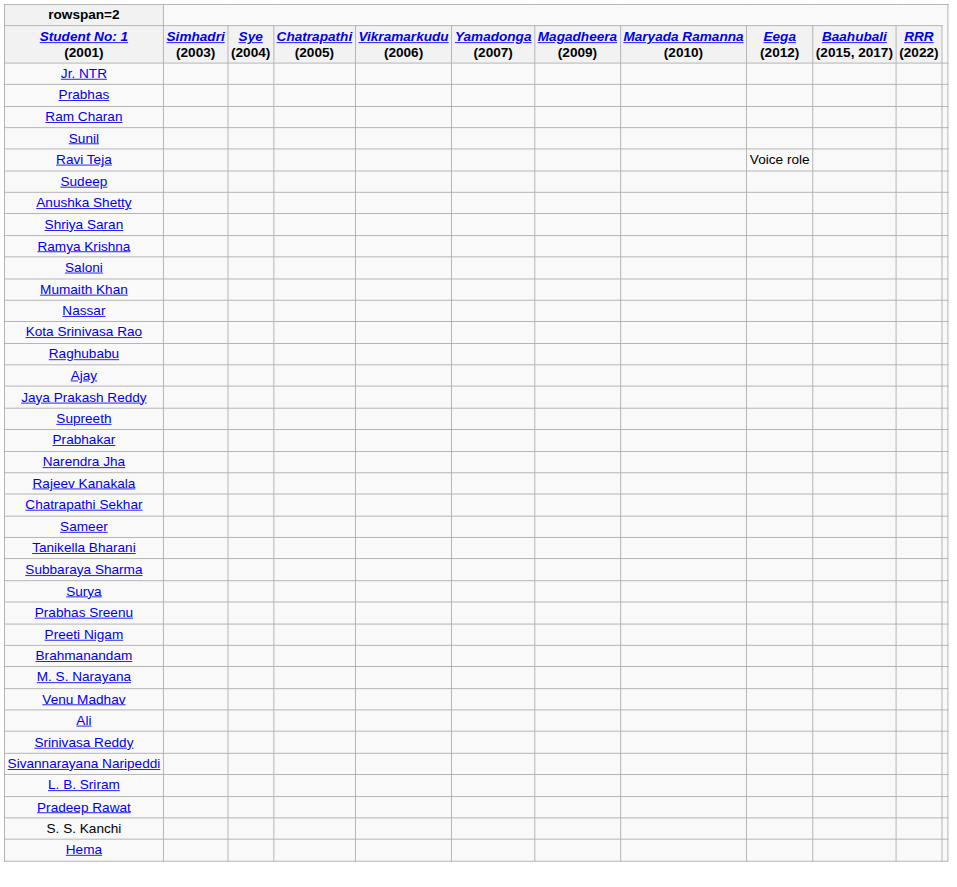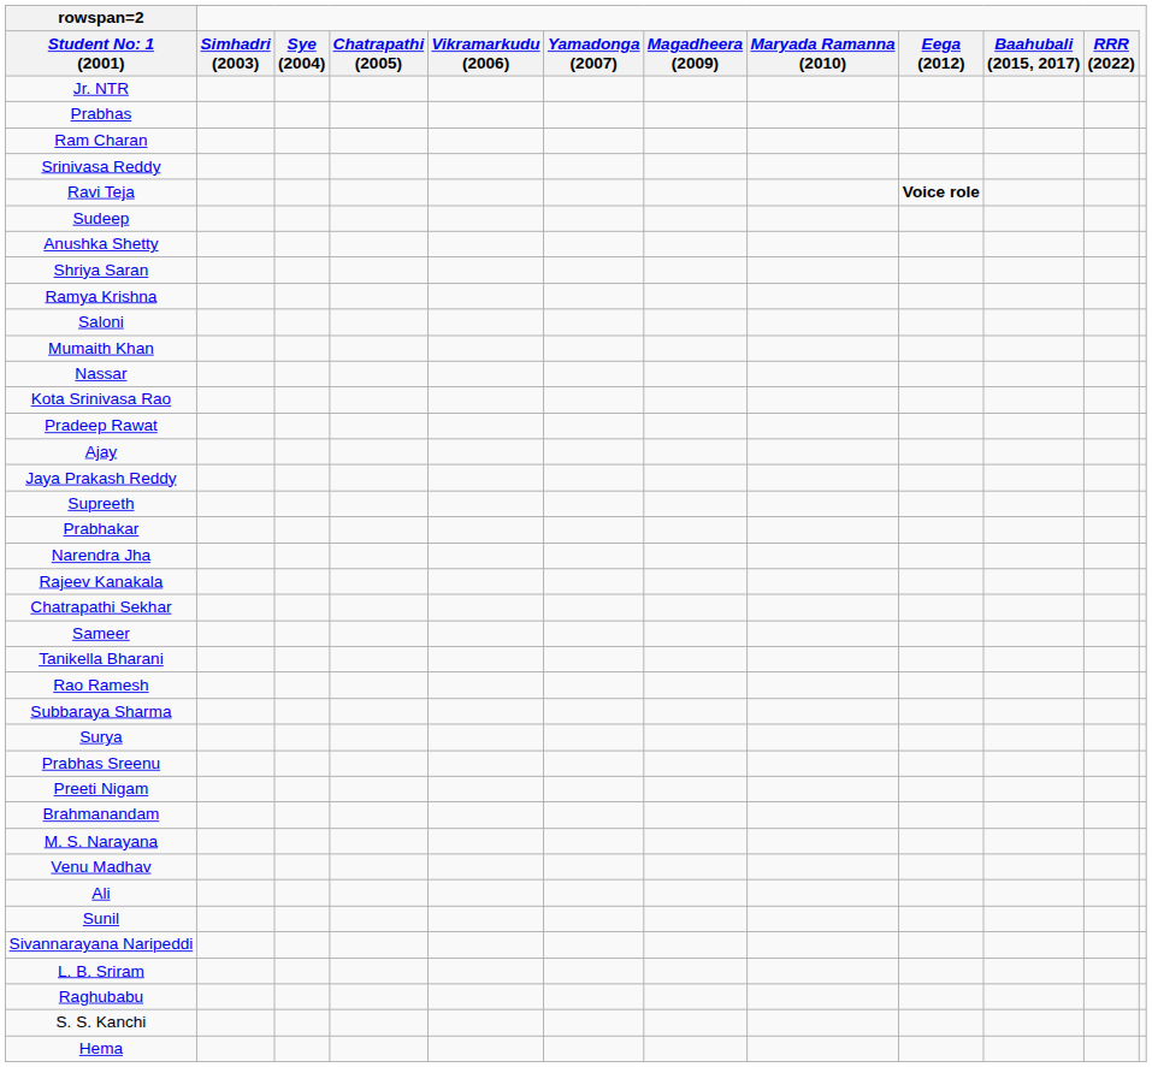 <table class="wikitable sortable mw-collapsible" style="text-align:center;">
 <tr>
 <th>rowspan=2 </th>
 </tr>
 <tr>
 <th><em><a href='#'>Student No: 1</a></em><br>(2001)</th>
 <th><a href='#'><em>Simhadri</em></a><br>(2003)</th>
 <th><a href='#'><em>Sye</em></a><br>(2004)</th>
 <th><a href='#'><em>Chatrapathi</em></a><br>(2005)</th>
 <th><em><a href='#'>Vikramarkudu</a></em><br>(2006)</th>
 <th><em><a href='#'>Yamadonga</a></em><br>(2007)</th>
 <th><em><a href='#'>Magadheera</a></em><br>(2009)</th>
 <th><em><a href='#'>Maryada Ramanna</a></em><br>(2010)</th>
 <th><em><a href='#'>Eega</a></em><br>(2012)</th>
 <th><a href='#'><em>Baahubali</em></a><br>(2015, 2017)</th>
 <th><a href='#'><em>RRR</em></a><br>(2022)</th>
 </tr>
 <tr>
 <td><a href='#'>Jr. NTR</a></td>
 <td></td>
 <td></td>
 <td></td>
 <td></td>
 <td></td>
 <td></td>
 <td></td>
 <td></td>
 <td></td>
 <td></td>
 <td></td>
 </tr>
 <tr>
 <td><a href='#'>Prabhas</a></td>
 <td></td>
 <td></td>
 <td></td>
 <td></td>
 <td></td>
 <td></td>
 <td></td>
 <td></td>
 <td></td>
 <td></td>
 <td></td>
 </tr>
 <tr>
 <td><a href='#'>Ram Charan</a></td>
 <td></td>
 <td></td>
 <td></td>
 <td></td>
 <td></td>
 <td></td>
 <td></td>
 <td></td>
 <td></td>
 <td></td>
 <td></td>
 </tr>
 <tr>
-<td><a href='#'>Sunil</a></td>
+<td><a href='#'>Srinivasa Reddy</a></td>
 <td></td>
 <td></td>
 <td></td>
 <td></td>
 <td></td>
 <td></td>
 <td></td>
 <td></td>
 <td></td>
 <td></td>
 <td></td>
 </tr>
 <tr>
 <td><a href='#'>Ravi Teja</a></td>
 <td></td>
 <td></td>
 <td></td>
 <td></td>
 <td></td>
 <td></td>
 <td></td>
-<td>Voice role</td>
+<td><strong>Voice role</strong></td>
 <td></td>
 <td></td>
 <td></td>
 </tr>
 <tr>
 <td><a href='#'>Sudeep</a></td>
 <td></td>
 <td></td>
 <td></td>
 <td></td>
 <td></td>
 <td></td>
 <td></td>
 <td></td>
 <td></td>
 <td></td>
 <td></td>
 </tr>
 <tr>
 <td><a href='#'>Anushka Shetty</a></td>
 <td></td>
 <td></td>
 <td></td>
 <td></td>
 <td></td>
 <td></td>
 <td></td>
 <td></td>
 <td></td>
 <td></td>
 <td></td>
 </tr>
 <tr>
 <td><a href='#'>Shriya Saran</a></td>
 <td></td>
 <td></td>
 <td></td>
 <td></td>
 <td></td>
 <td></td>
 <td></td>
 <td></td>
 <td></td>
 <td></td>
 <td></td>
 </tr>
 <tr>
 <td><a href='#'>Ramya Krishna</a></td>
 <td></td>
 <td></td>
 <td></td>
 <td></td>
 <td></td>
 <td></td>
 <td></td>
 <td></td>
 <td></td>
 <td></td>
 <td></td>
 </tr>
 <tr>
 <td><a href='#'>Saloni</a></td>
 <td></td>
 <td></td>
 <td></td>
 <td></td>
 <td></td>
 <td></td>
 <td></td>
 <td></td>
 <td></td>
 <td></td>
 <td></td>
 </tr>
 <tr>
 <td><a href='#'>Mumaith Khan</a></td>
 <td></td>
 <td></td>
 <td></td>
 <td></td>
 <td></td>
 <td></td>
 <td></td>
 <td></td>
 <td></td>
 <td></td>
 <td></td>
 </tr>
 <tr>
 <td><a href='#'>Nassar</a></td>
 <td></td>
 <td></td>
 <td></td>
 <td></td>
 <td></td>
 <td></td>
 <td></td>
 <td></td>
 <td></td>
 <td></td>
 <td></td>
 </tr>
 <tr>
 <td><a href='#'>Kota Srinivasa Rao</a></td>
 <td></td>
 <td></td>
 <td></td>
 <td></td>
 <td></td>
 <td></td>
 <td></td>
 <td></td>
 <td></td>
 <td></td>
 <td></td>
 </tr>
 <tr>
-<td><a href='#'>Raghubabu</a></td>
+<td><a href='#'>Pradeep Rawat</a></td>
 <td></td>
 <td></td>
 <td></td>
 <td></td>
 <td></td>
 <td></td>
 <td></td>
 <td></td>
 <td></td>
 <td></td>
 <td></td>
 </tr>
 <tr>
 <td><a href='#'>Ajay</a></td>
 <td></td>
 <td></td>
 <td></td>
 <td></td>
 <td></td>
 <td></td>
 <td></td>
 <td></td>
 <td></td>
 <td></td>
 <td></td>
 </tr>
 <tr>
 <td><a href='#'>Jaya Prakash Reddy</a></td>
 <td></td>
 <td></td>
 <td></td>
 <td></td>
 <td></td>
 <td></td>
 <td></td>
 <td></td>
 <td></td>
 <td></td>
 <td></td>
 </tr>
 <tr>
 <td><a href='#'>Supreeth</a></td>
 <td></td>
 <td></td>
 <td></td>
 <td></td>
 <td></td>
 <td></td>
 <td></td>
 <td></td>
 <td></td>
 <td></td>
 <td></td>
 </tr>
 <tr>
 <td><a href='#'>Prabhakar</a></td>
 <td></td>
 <td></td>
 <td></td>
 <td></td>
 <td></td>
 <td></td>
 <td></td>
 <td></td>
 <td></td>
 <td></td>
 <td></td>
 </tr>
 <tr>
 <td><a href='#'>Narendra Jha</a></td>
 <td></td>
 <td></td>
 <td></td>
 <td></td>
 <td></td>
 <td></td>
 <td></td>
 <td></td>
 <td></td>
 <td></td>
 <td></td>
 </tr>
 <tr>
 <td><a href='#'>Rajeev Kanakala</a></td>
 <td></td>
 <td></td>
 <td></td>
 <td></td>
 <td></td>
 <td></td>
 <td></td>
 <td></td>
 <td></td>
 <td></td>
 <td></td>
 </tr>
 <tr>
 <td><a href='#'>Chatrapathi Sekhar</a></td>
 <td></td>
 <td></td>
 <td></td>
 <td></td>
 <td></td>
 <td></td>
 <td></td>
 <td></td>
 <td></td>
 <td></td>
 <td></td>
 </tr>
 <tr>
 <td><a href='#'>Sameer</a></td>
 <td></td>
 <td></td>
 <td></td>
 <td></td>
 <td></td>
 <td></td>
 <td></td>
 <td></td>
 <td></td>
 <td></td>
 <td></td>
 </tr>
 <tr>
 <td><a href='#'>Tanikella Bharani</a></td>
 <td></td>
 <td></td>
 <td></td>
 <td></td>
 <td></td>
 <td></td>
 <td></td>
 <td></td>
 <td></td>
 <td></td>
 <td></td>
 </tr>
 <tr>
+<td><a href='#'>Rao Ramesh</a></td>
+<td></td>
+<td></td>
+<td></td>
+<td></td>
+<td></td>
+<td></td>
+<td></td>
+<td></td>
+<td></td>
+<td></td>
+<td></td>
+</tr>
+<tr>
 <td><a href='#'>Subbaraya Sharma</a></td>
 <td></td>
 <td></td>
 <td></td>
 <td></td>
 <td></td>
 <td></td>
 <td></td>
 <td></td>
 <td></td>
 <td></td>
 <td></td>
 </tr>
 <tr>
 <td><a href='#'>Surya</a></td>
 <td></td>
 <td></td>
 <td></td>
 <td></td>
 <td></td>
 <td></td>
 <td></td>
 <td></td>
 <td></td>
 <td></td>
 <td></td>
 </tr>
 <tr>
 <td><a href='#'>Prabhas Sreenu</a></td>
 <td></td>
 <td></td>
 <td></td>
 <td></td>
 <td></td>
 <td></td>
 <td></td>
 <td></td>
 <td></td>
 <td></td>
 <td></td>
 </tr>
 <tr>
 <td><a href='#'>Preeti Nigam</a></td>
 <td></td>
 <td></td>
 <td></td>
 <td></td>
 <td></td>
 <td></td>
 <td></td>
 <td></td>
 <td></td>
 <td></td>
 <td></td>
 </tr>
 <tr>
 <td><a href='#'>Brahmanandam</a></td>
 <td></td>
 <td></td>
 <td></td>
 <td></td>
 <td></td>
 <td></td>
 <td></td>
 <td></td>
 <td></td>
 <td></td>
 <td></td>
 </tr>
 <tr>
 <td><a href='#'>M. S. Narayana</a></td>
 <td></td>
 <td></td>
 <td></td>
 <td></td>
 <td></td>
 <td></td>
 <td></td>
 <td></td>
 <td></td>
 <td></td>
 <td></td>
 </tr>
 <tr>
 <td><a href='#'>Venu Madhav</a></td>
 <td></td>
 <td></td>
 <td></td>
 <td></td>
 <td></td>
 <td></td>
 <td></td>
 <td></td>
 <td></td>
 <td></td>
 <td></td>
 </tr>
 <tr>
 <td><a href='#'>Ali</a></td>
 <td></td>
 <td></td>
 <td></td>
 <td></td>
 <td></td>
 <td></td>
 <td></td>
 <td></td>
 <td></td>
 <td></td>
 <td></td>
 </tr>
 <tr>
-<td><a href='#'>Srinivasa Reddy</a></td>
+<td><a href='#'>Sunil</a></td>
 <td></td>
 <td></td>
 <td></td>
 <td></td>
 <td></td>
 <td></td>
 <td></td>
 <td></td>
 <td></td>
 <td></td>
 <td></td>
 </tr>
 <tr>
 <td><a href='#'>Sivannarayana Naripeddi</a></td>
 <td></td>
 <td></td>
 <td></td>
 <td></td>
 <td></td>
 <td></td>
 <td></td>
 <td></td>
 <td></td>
 <td></td>
 <td></td>
 </tr>
 <tr>
 <td><a href='#'>L. B. Sriram</a></td>
 <td></td>
 <td></td>
 <td></td>
 <td></td>
 <td></td>
 <td></td>
 <td></td>
 <td></td>
 <td></td>
 <td></td>
 <td></td>
 </tr>
 <tr>
-<td><a href='#'>Pradeep Rawat</a></td>
+<td><a href='#'>Raghubabu</a></td>
 <td></td>
 <td></td>
 <td></td>
 <td></td>
 <td></td>
 <td></td>
 <td></td>
 <td></td>
 <td></td>
 <td></td>
 <td></td>
 </tr>
 <tr>
 <td>S. S. Kanchi</td>
 <td></td>
 <td></td>
 <td></td>
 <td></td>
 <td></td>
 <td></td>
 <td></td>
 <td></td>
 <td></td>
 <td></td>
 <td></td>
 </tr>
 <tr>
 <td><a href='#'>Hema</a></td>
 <td></td>
 <td></td>
 <td></td>
 <td></td>
 <td></td>
 <td></td>
 <td></td>
 <td></td>
 <td></td>
 <td></td>
 <td></td>
 </tr>
 </table>
